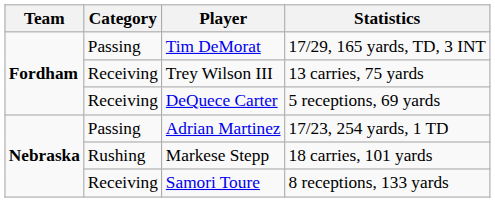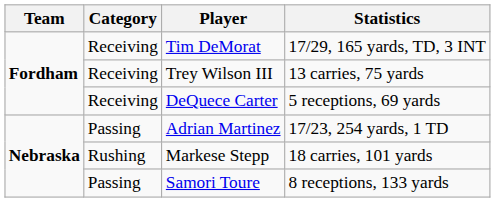 <table class="wikitable" style="float: right;">
 <tr>
 <th>Team</th>
 <th>Category</th>
 <th>Player</th>
 <th>Statistics</th>
 </tr>
 <tr>
 <td rowspan=3><strong>Fordham</strong></td>
-<td>Passing</td>
+<td>Receiving</td>
 <td><a href='#'>Tim DeMorat</a></td>
 <td>17/29, 165 yards, TD, 3 INT</td>
 </tr>
 <tr>
 <td>Receiving</td>
 <td>Trey Wilson III</td>
 <td>13 carries, 75 yards</td>
 </tr>
 <tr>
 <td>Receiving</td>
 <td><a href='#'>DeQuece Carter</a></td>
 <td>5 receptions, 69 yards</td>
 </tr>
 <tr>
 <td rowspan=3><strong>Nebraska</strong></td>
 <td>Passing</td>
 <td><a href='#'>Adrian Martinez</a></td>
 <td>17/23, 254 yards, 1 TD</td>
 </tr>
 <tr>
 <td>Rushing</td>
 <td>Markese Stepp</td>
 <td>18 carries, 101 yards</td>
 </tr>
 <tr>
-<td>Receiving</td>
+<td>Passing</td>
 <td><a href='#'>Samori Toure</a></td>
 <td>8 receptions, 133 yards</td>
 </tr>
 </table>
